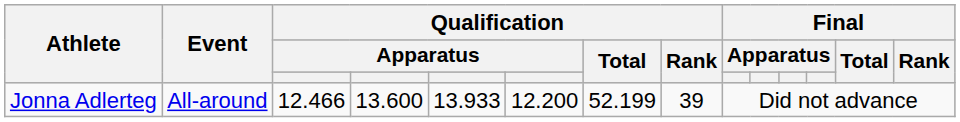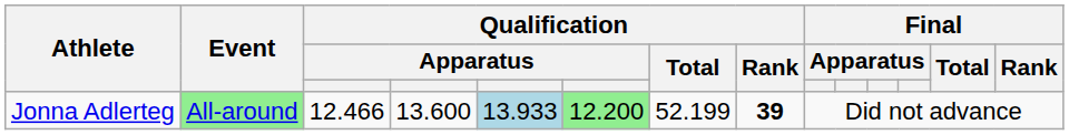 <table class="wikitable" style="font-size:90%">
 <tr>
 <th rowspan=3>Athlete</th>
 <th rowspan=3>Event</th>
 <th colspan =6>Qualification</th>
 <th colspan =6>Final</th>
 </tr>
 <tr style="font-size:95%">
 <th colspan=4>Apparatus</th>
 <th rowspan=2>Total</th>
 <th rowspan=2>Rank</th>
 <th colspan=4>Apparatus</th>
 <th rowspan=2>Total</th>
 <th rowspan=2>Rank</th>
 </tr>
 <tr style="font-size:95%">
 <th></th>
 <th></th>
 <th></th>
 <th></th>
 <th></th>
 <th></th>
 <th></th>
 <th></th>
 </tr>
 <tr align=center>
 <td align=left><a href='#'>Jonna Adlerteg</a></td>
-<td align=left><a href='#'>All-around</a></td>
+<td align=left style="background: lightgreen;"><a href='#'>All-around</a></td>
 <td>12.466</td>
 <td>13.600</td>
-<td>13.933</td>
-<td>12.200</td>
+<td style="background: lightblue;">13.933</td>
+<td style="background: lightgreen;">12.200</td>
 <td>52.199</td>
-<td>39</td>
+<td><strong>39</strong></td>
 <td colspan=6>Did not advance</td>
 </tr>
 </table>
